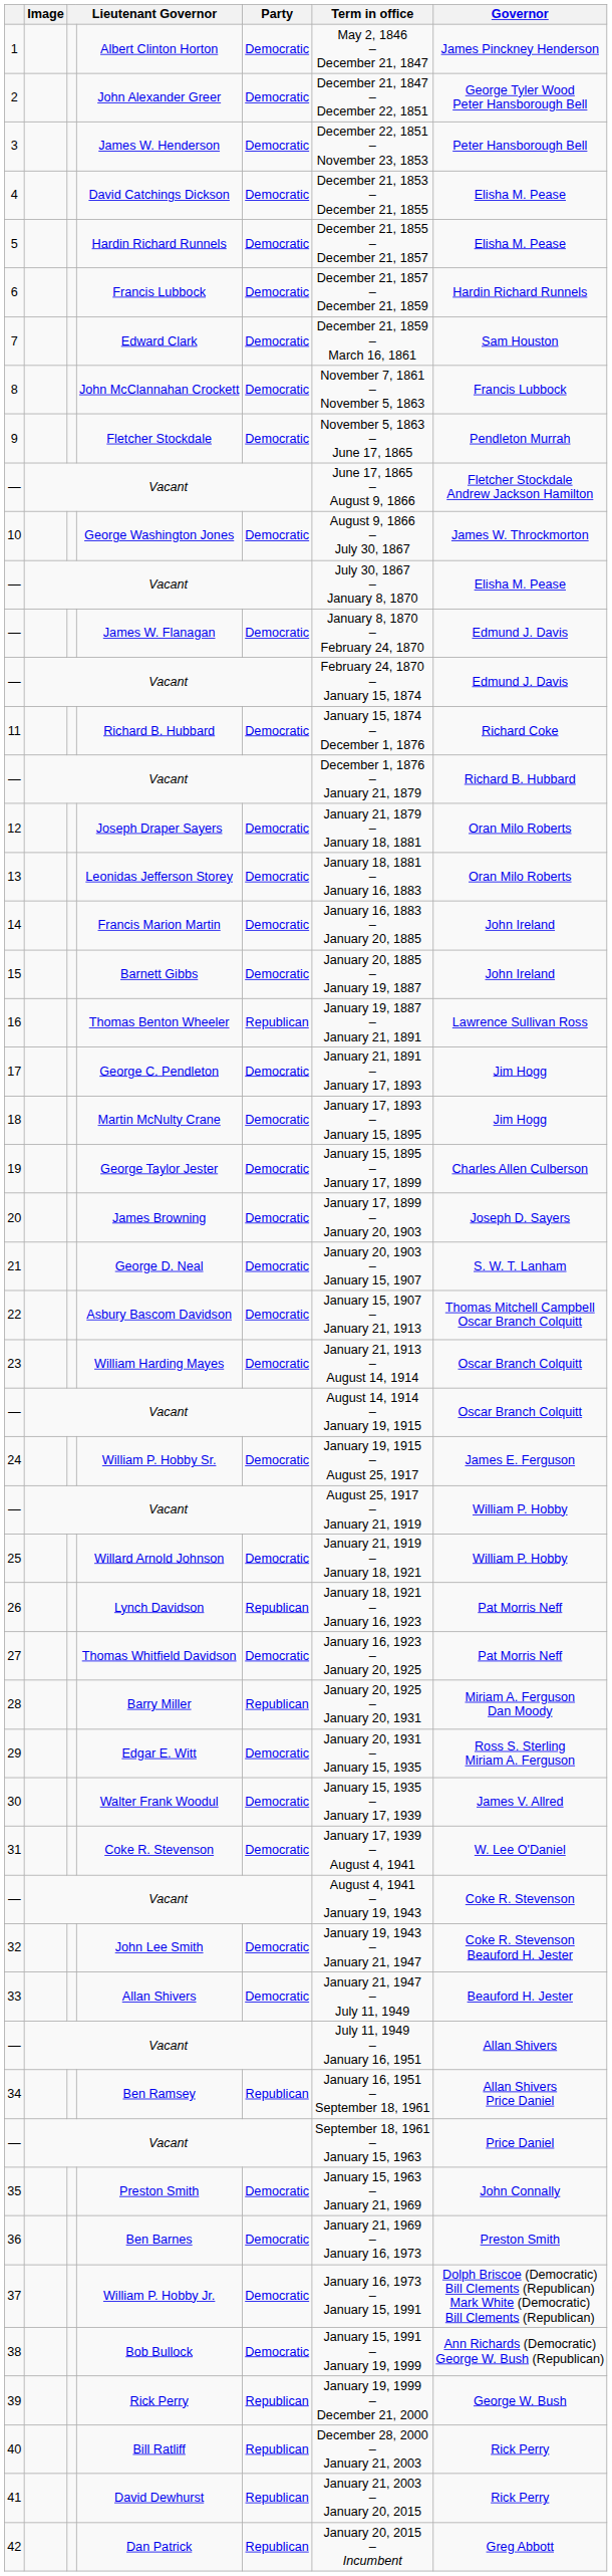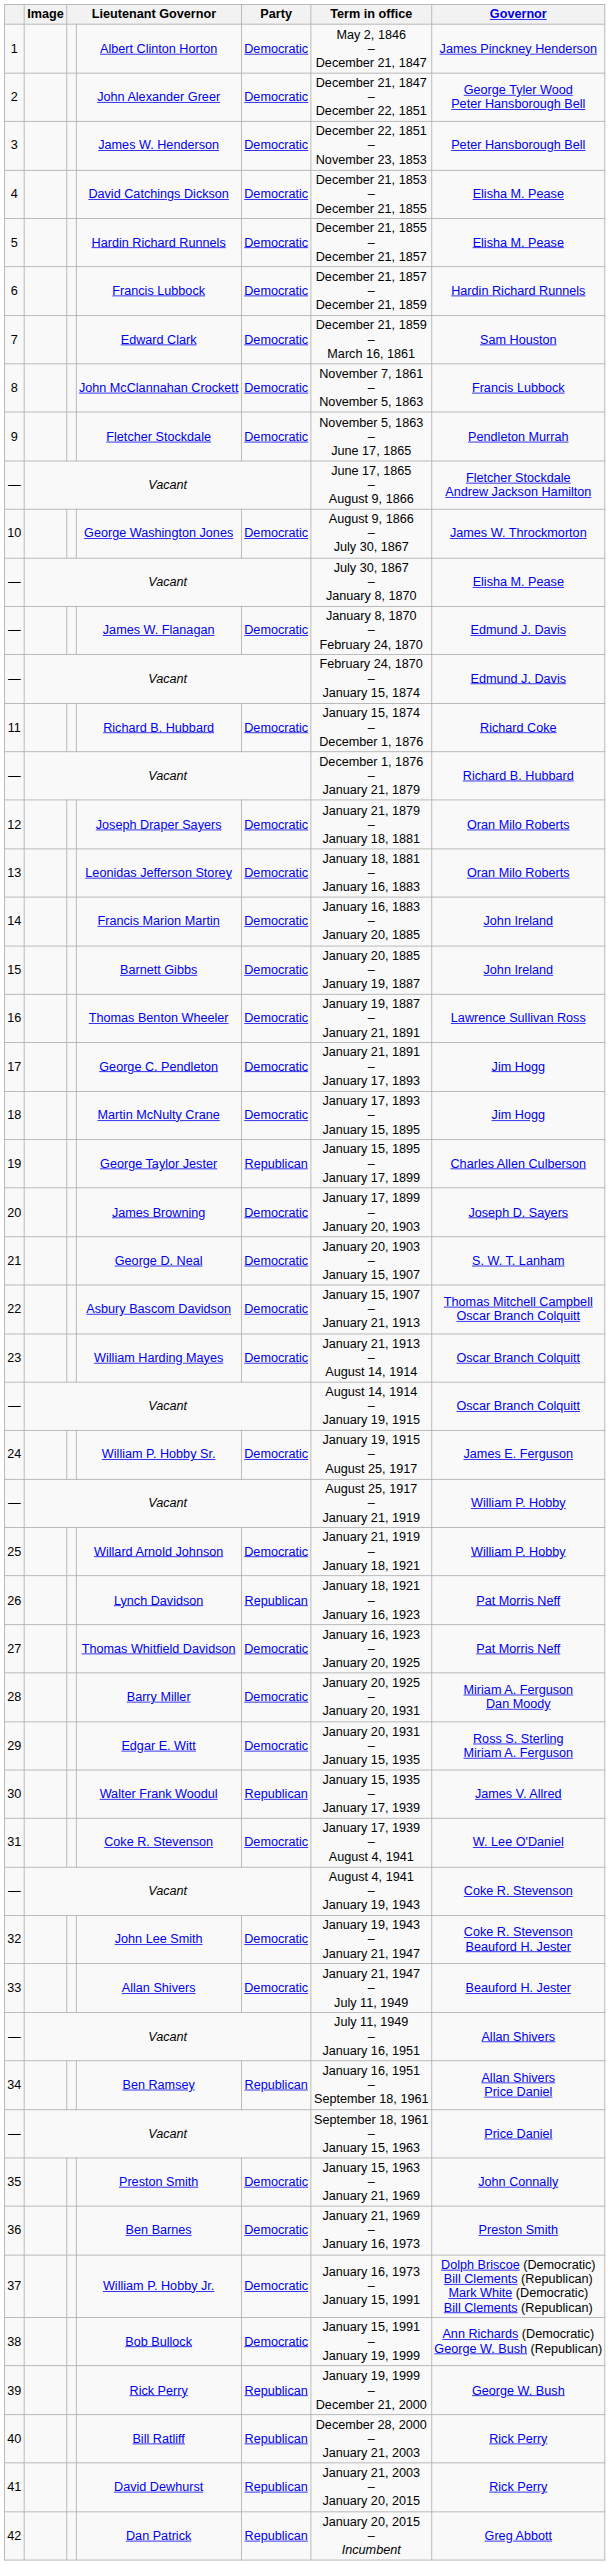 <table class="wikitable sortable" style="text-align: center;">
 <tr>
 <th scope="col" data-sort-type="number"></th>
 <th scope="col">Image</th>
 <th scope="col" colspan="2">Lieutenant Governor</th>
 <th scope="col">Party</th>
 <th scope="col">Term in office</th>
 <th scope="col"><a href='#'>Governor</a></th>
 </tr>
 <tr>
 <td>1</td>
 <td></td>
 <td style="background:"> </td>
 <td><a href='#'>Albert Clinton Horton</a></td>
 <td><a href='#'>Democratic</a></td>
 <td>May 2, 1846<br>–<br>December 21, 1847</td>
 <td><a href='#'>James Pinckney Henderson</a></td>
 </tr>
 <tr>
 <td>2</td>
 <td></td>
 <td style="background:"> </td>
 <td><a href='#'>John Alexander Greer</a></td>
 <td><a href='#'>Democratic</a></td>
 <td>December 21, 1847<br>–<br>December 22, 1851</td>
 <td><a href='#'>George Tyler Wood</a><br><a href='#'>Peter Hansborough Bell</a></td>
 </tr>
 <tr>
 <td>3</td>
 <td></td>
 <td style="background:"> </td>
 <td><a href='#'>James W. Henderson</a></td>
 <td><a href='#'>Democratic</a></td>
 <td>December 22, 1851<br>–<br>November 23, 1853</td>
 <td><a href='#'>Peter Hansborough Bell</a></td>
 </tr>
 <tr>
 <td>4</td>
 <td></td>
 <td style="background:"> </td>
 <td><a href='#'>David Catchings Dickson</a></td>
 <td><a href='#'>Democratic</a></td>
 <td>December 21, 1853<br>–<br>December 21, 1855</td>
 <td><a href='#'>Elisha M. Pease</a></td>
 </tr>
 <tr>
 <td>5</td>
 <td></td>
 <td style="background:"> </td>
 <td><a href='#'>Hardin Richard Runnels</a></td>
 <td><a href='#'>Democratic</a></td>
 <td>December 21, 1855<br>–<br>December 21, 1857</td>
 <td><a href='#'>Elisha M. Pease</a></td>
 </tr>
 <tr>
 <td>6</td>
 <td></td>
 <td style="background:"> </td>
 <td><a href='#'>Francis Lubbock</a></td>
 <td><a href='#'>Democratic</a></td>
 <td>December 21, 1857<br>–<br>December 21, 1859</td>
 <td><a href='#'>Hardin Richard Runnels</a></td>
 </tr>
 <tr>
 <td>7</td>
 <td></td>
 <td style="background:"> </td>
 <td><a href='#'>Edward Clark</a></td>
 <td><a href='#'>Democratic</a></td>
 <td>December 21, 1859<br>–<br>March 16, 1861</td>
 <td><a href='#'>Sam Houston</a></td>
 </tr>
 <tr>
 <td>8</td>
 <td></td>
 <td style="background:"> </td>
 <td><a href='#'>John McClannahan Crockett</a></td>
 <td><a href='#'>Democratic</a></td>
 <td>November 7, 1861<br>–<br>November 5, 1863</td>
 <td><a href='#'>Francis Lubbock</a></td>
 </tr>
 <tr>
 <td>9</td>
 <td></td>
 <td style="background:"> </td>
 <td><a href='#'>Fletcher Stockdale</a></td>
 <td><a href='#'>Democratic</a></td>
 <td>November 5, 1863<br>–<br>June 17, 1865</td>
 <td><a href='#'>Pendleton Murrah</a></td>
 </tr>
 <tr>
 <td>—</td>
 <td colspan=4><em>Vacant</em></td>
 <td>June 17, 1865<br>–<br>August 9, 1866</td>
 <td><a href='#'>Fletcher Stockdale</a><br><a href='#'>Andrew Jackson Hamilton</a></td>
 </tr>
 <tr>
 <td>10</td>
 <td></td>
 <td style="background:"> </td>
 <td><a href='#'>George Washington Jones</a></td>
 <td><a href='#'>Democratic</a></td>
 <td>August 9, 1866<br>–<br>July 30, 1867</td>
 <td><a href='#'>James W. Throckmorton</a></td>
 </tr>
 <tr>
 <td>—</td>
 <td colspan=4><em>Vacant</em></td>
 <td>July 30, 1867<br>–<br>January 8, 1870</td>
 <td><a href='#'>Elisha M. Pease</a></td>
 </tr>
 <tr>
 <td>—</td>
 <td></td>
 <td style="background:"> </td>
 <td><a href='#'>James W. Flanagan</a></td>
 <td><a href='#'>Democratic</a></td>
 <td>January 8, 1870<br>–<br>February 24, 1870</td>
 <td><a href='#'>Edmund J. Davis</a></td>
 </tr>
 <tr>
 <td>—</td>
 <td colspan=4><em>Vacant</em></td>
 <td>February 24, 1870<br>–<br>January 15, 1874</td>
 <td><a href='#'>Edmund J. Davis</a></td>
 </tr>
 <tr>
 <td>11</td>
 <td></td>
 <td style="background:"> </td>
 <td><a href='#'>Richard B. Hubbard</a></td>
 <td><a href='#'>Democratic</a></td>
 <td>January 15, 1874<br>–<br>December 1, 1876</td>
 <td><a href='#'>Richard Coke</a></td>
 </tr>
 <tr>
 <td>—</td>
 <td colspan=4><em>Vacant</em></td>
 <td>December 1, 1876<br>–<br>January 21, 1879</td>
 <td><a href='#'>Richard B. Hubbard</a></td>
 </tr>
 <tr>
 <td>12</td>
 <td></td>
 <td style="background:"> </td>
 <td><a href='#'>Joseph Draper Sayers</a></td>
 <td><a href='#'>Democratic</a></td>
 <td>January 21, 1879<br>–<br>January 18, 1881</td>
 <td><a href='#'>Oran Milo Roberts</a></td>
 </tr>
 <tr>
 <td>13</td>
 <td></td>
 <td style="background:"> </td>
 <td><a href='#'>Leonidas Jefferson Storey</a></td>
 <td><a href='#'>Democratic</a></td>
 <td>January 18, 1881<br>–<br>January 16, 1883</td>
 <td><a href='#'>Oran Milo Roberts</a></td>
 </tr>
 <tr>
 <td>14</td>
 <td></td>
 <td style="background:"> </td>
 <td><a href='#'>Francis Marion Martin</a></td>
 <td><a href='#'>Democratic</a></td>
 <td>January 16, 1883<br>–<br>January 20, 1885</td>
 <td><a href='#'>John Ireland</a></td>
 </tr>
 <tr>
 <td>15</td>
 <td></td>
 <td style="background:"> </td>
 <td><a href='#'>Barnett Gibbs</a></td>
 <td><a href='#'>Democratic</a></td>
 <td>January 20, 1885<br>–<br>January 19, 1887</td>
 <td><a href='#'>John Ireland</a></td>
 </tr>
 <tr>
 <td>16</td>
 <td></td>
 <td style="background:"> </td>
 <td><a href='#'>Thomas Benton Wheeler</a></td>
-<td><a href='#'>Republican</a></td>
+<td><a href='#'>Democratic</a></td>
 <td>January 19, 1887<br>–<br>January 21, 1891</td>
 <td><a href='#'>Lawrence Sullivan Ross</a></td>
 </tr>
 <tr>
 <td>17</td>
 <td></td>
 <td style="background:"> </td>
 <td><a href='#'>George C. Pendleton</a></td>
 <td><a href='#'>Democratic</a></td>
 <td>January 21, 1891<br>–<br>January 17, 1893</td>
 <td><a href='#'>Jim Hogg</a></td>
 </tr>
 <tr>
 <td>18</td>
 <td></td>
 <td style="background:"> </td>
 <td><a href='#'>Martin McNulty Crane</a></td>
 <td><a href='#'>Democratic</a></td>
 <td>January 17, 1893<br>–<br>January 15, 1895</td>
 <td><a href='#'>Jim Hogg</a></td>
 </tr>
 <tr>
 <td>19</td>
 <td></td>
 <td style="background:"> </td>
 <td><a href='#'>George Taylor Jester</a></td>
-<td><a href='#'>Democratic</a></td>
+<td><a href='#'>Republican</a></td>
 <td>January 15, 1895<br>–<br>January 17, 1899</td>
 <td><a href='#'>Charles Allen Culberson</a></td>
 </tr>
 <tr>
 <td>20</td>
 <td></td>
 <td style="background:"> </td>
 <td><a href='#'>James Browning</a></td>
 <td><a href='#'>Democratic</a></td>
 <td>January 17, 1899<br>–<br>January 20, 1903</td>
 <td><a href='#'>Joseph D. Sayers</a></td>
 </tr>
 <tr>
 <td>21</td>
 <td></td>
 <td style="background:"> </td>
 <td><a href='#'>George D. Neal</a></td>
 <td><a href='#'>Democratic</a></td>
 <td>January 20, 1903<br>–<br>January 15, 1907</td>
 <td><a href='#'>S. W. T. Lanham</a></td>
 </tr>
 <tr>
 <td>22</td>
 <td></td>
 <td style="background:"> </td>
 <td><a href='#'>Asbury Bascom Davidson</a></td>
 <td><a href='#'>Democratic</a></td>
 <td>January 15, 1907<br>–<br>January 21, 1913</td>
 <td><a href='#'>Thomas Mitchell Campbell</a><br><a href='#'>Oscar Branch Colquitt</a></td>
 </tr>
 <tr>
 <td>23</td>
 <td></td>
 <td style="background:"> </td>
 <td><a href='#'>William Harding Mayes</a></td>
 <td><a href='#'>Democratic</a></td>
 <td>January 21, 1913<br>–<br>August 14, 1914</td>
 <td><a href='#'>Oscar Branch Colquitt</a></td>
 </tr>
 <tr>
 <td>—</td>
 <td colspan=4><em>Vacant</em></td>
 <td>August 14, 1914<br>–<br>January 19, 1915</td>
 <td><a href='#'>Oscar Branch Colquitt</a></td>
 </tr>
 <tr>
 <td>24</td>
 <td></td>
 <td style="background:"> </td>
 <td><a href='#'>William P. Hobby Sr.</a></td>
 <td><a href='#'>Democratic</a></td>
 <td>January 19, 1915<br>–<br>August 25, 1917</td>
 <td><a href='#'>James E. Ferguson</a></td>
 </tr>
 <tr>
 <td>—</td>
 <td colspan=4><em>Vacant</em></td>
 <td>August 25, 1917<br>–<br>January 21, 1919</td>
 <td><a href='#'>William P. Hobby</a></td>
 </tr>
 <tr>
 <td>25</td>
 <td></td>
 <td style="background:"> </td>
 <td><a href='#'>Willard Arnold Johnson</a></td>
 <td><a href='#'>Democratic</a></td>
 <td>January 21, 1919<br>–<br>January 18, 1921</td>
 <td><a href='#'>William P. Hobby</a></td>
 </tr>
 <tr>
 <td>26</td>
 <td></td>
 <td style="background:"> </td>
 <td><a href='#'>Lynch Davidson</a></td>
 <td><a href='#'>Republican</a></td>
 <td>January 18, 1921<br>–<br>January 16, 1923</td>
 <td><a href='#'>Pat Morris Neff</a></td>
 </tr>
 <tr>
 <td>27</td>
 <td></td>
 <td style="background:"> </td>
 <td><a href='#'>Thomas Whitfield Davidson</a></td>
 <td><a href='#'>Democratic</a></td>
 <td>January 16, 1923<br>–<br>January 20, 1925</td>
 <td><a href='#'>Pat Morris Neff</a></td>
 </tr>
 <tr>
 <td>28</td>
 <td></td>
 <td style="background:"> </td>
 <td><a href='#'>Barry Miller</a></td>
-<td><a href='#'>Republican</a></td>
+<td><a href='#'>Democratic</a></td>
 <td>January 20, 1925<br>–<br>January 20, 1931</td>
 <td><a href='#'>Miriam A. Ferguson</a><br><a href='#'>Dan Moody</a></td>
 </tr>
 <tr>
 <td>29</td>
 <td></td>
 <td style="background:"> </td>
 <td><a href='#'>Edgar E. Witt</a></td>
 <td><a href='#'>Democratic</a></td>
 <td>January 20, 1931<br>–<br>January 15, 1935</td>
 <td><a href='#'>Ross S. Sterling</a><br><a href='#'>Miriam A. Ferguson</a></td>
 </tr>
 <tr>
 <td>30</td>
 <td></td>
 <td style="background:"> </td>
 <td><a href='#'>Walter Frank Woodul</a></td>
-<td><a href='#'>Democratic</a></td>
+<td><a href='#'>Republican</a></td>
 <td>January 15, 1935<br>–<br>January 17, 1939</td>
 <td><a href='#'>James V. Allred</a></td>
 </tr>
 <tr>
 <td>31</td>
 <td></td>
 <td style="background:"> </td>
 <td><a href='#'>Coke R. Stevenson</a></td>
 <td><a href='#'>Democratic</a></td>
 <td>January 17, 1939<br>–<br>August 4, 1941</td>
 <td><a href='#'>W. Lee O'Daniel</a></td>
 </tr>
 <tr>
 <td>—</td>
 <td colspan=4><em>Vacant</em></td>
 <td>August 4, 1941<br>–<br>January 19, 1943</td>
 <td><a href='#'>Coke R. Stevenson</a></td>
 </tr>
 <tr>
 <td>32</td>
 <td></td>
 <td style="background:"> </td>
 <td><a href='#'>John Lee Smith</a></td>
 <td><a href='#'>Democratic</a></td>
 <td>January 19, 1943<br>–<br>January 21, 1947</td>
 <td><a href='#'>Coke R. Stevenson</a><br><a href='#'>Beauford H. Jester</a></td>
 </tr>
 <tr>
 <td>33</td>
 <td></td>
 <td style="background:"> </td>
 <td><a href='#'>Allan Shivers</a></td>
 <td><a href='#'>Democratic</a></td>
 <td>January 21, 1947<br>–<br>July 11, 1949</td>
 <td><a href='#'>Beauford H. Jester</a></td>
 </tr>
 <tr>
 <td>—</td>
 <td colspan=4><em>Vacant</em></td>
 <td>July 11, 1949<br>–<br>January 16, 1951</td>
 <td><a href='#'>Allan Shivers</a></td>
 </tr>
 <tr>
 <td>34</td>
 <td></td>
 <td style="background:"> </td>
 <td><a href='#'>Ben Ramsey</a></td>
 <td><a href='#'>Republican</a></td>
 <td>January 16, 1951<br>–<br>September 18, 1961</td>
 <td><a href='#'>Allan Shivers</a><br><a href='#'>Price Daniel</a></td>
 </tr>
 <tr>
 <td>—</td>
 <td colspan=4><em>Vacant</em></td>
 <td>September 18, 1961<br>–<br>January 15, 1963</td>
 <td><a href='#'>Price Daniel</a></td>
 </tr>
 <tr>
 <td>35</td>
 <td></td>
 <td style="background:"> </td>
 <td><a href='#'>Preston Smith</a></td>
 <td><a href='#'>Democratic</a></td>
 <td>January 15, 1963<br>–<br>January 21, 1969</td>
 <td><a href='#'>John Connally</a></td>
 </tr>
 <tr>
 <td>36</td>
 <td></td>
 <td style="background:"> </td>
 <td><a href='#'>Ben Barnes</a></td>
 <td><a href='#'>Democratic</a></td>
 <td>January 21, 1969<br>–<br>January 16, 1973</td>
 <td><a href='#'>Preston Smith</a></td>
 </tr>
 <tr>
 <td>37</td>
 <td></td>
 <td style="background:"> </td>
 <td><a href='#'>William P. Hobby Jr.</a></td>
 <td><a href='#'>Democratic</a></td>
 <td>January 16, 1973<br>–<br>January 15, 1991</td>
 <td><a href='#'>Dolph Briscoe</a> (Democratic)<br><a href='#'>Bill Clements</a> (Republican)<br><a href='#'>Mark White</a> (Democratic)<br><a href='#'>Bill Clements</a> (Republican)</td>
 </tr>
 <tr>
 <td>38</td>
 <td></td>
 <td style="background:"> </td>
 <td><a href='#'>Bob Bullock</a></td>
 <td><a href='#'>Democratic</a></td>
 <td>January 15, 1991<br>–<br>January 19, 1999</td>
 <td><a href='#'>Ann Richards</a> (Democratic)<br><a href='#'>George W. Bush</a> (Republican)</td>
 </tr>
 <tr>
 <td>39</td>
 <td></td>
 <td style="background:"> </td>
 <td><a href='#'>Rick Perry</a></td>
 <td><a href='#'>Republican</a></td>
 <td>January 19, 1999<br>–<br>December 21, 2000</td>
 <td><a href='#'>George W. Bush</a></td>
 </tr>
 <tr>
 <td>40</td>
 <td></td>
 <td style="background:"> </td>
 <td><a href='#'>Bill Ratliff</a></td>
 <td><a href='#'>Republican</a></td>
 <td>December 28, 2000<br>–<br>January 21, 2003</td>
 <td><a href='#'>Rick Perry</a></td>
 </tr>
 <tr>
 <td>41</td>
 <td></td>
 <td style="background:"> </td>
 <td><a href='#'>David Dewhurst</a></td>
 <td><a href='#'>Republican</a></td>
 <td>January 21, 2003<br>–<br>January 20, 2015</td>
 <td><a href='#'>Rick Perry</a></td>
 </tr>
 <tr>
 <td>42</td>
 <td></td>
 <td style="background:"> </td>
 <td><a href='#'>Dan Patrick</a></td>
 <td><a href='#'>Republican</a></td>
 <td>January 20, 2015<br>–<br><em>Incumbent</em></td>
 <td><a href='#'>Greg Abbott</a></td>
 </tr>
 </table>
